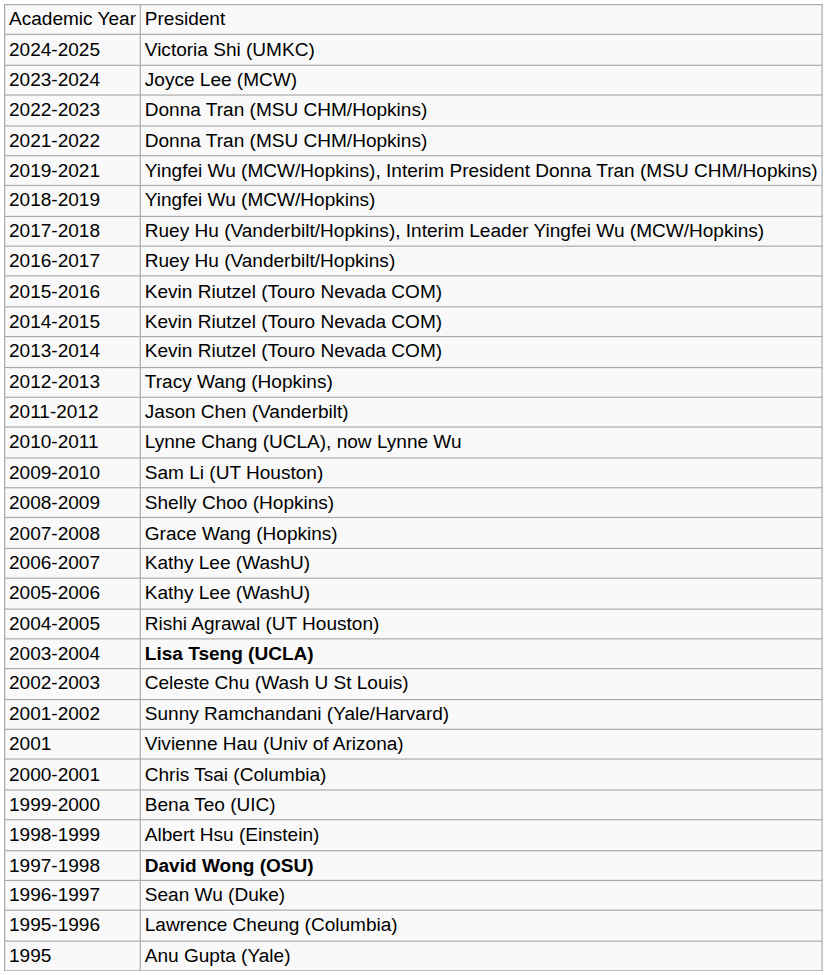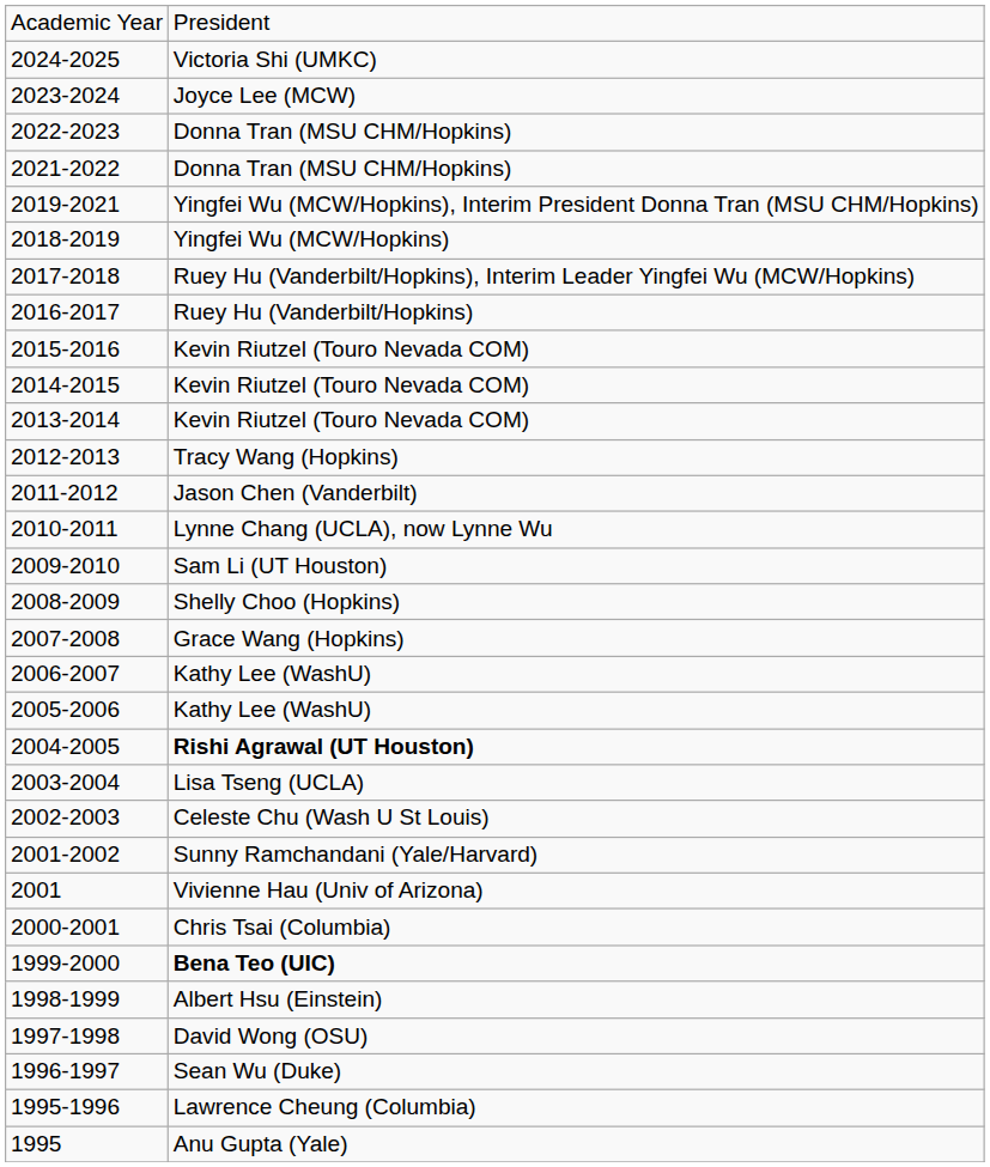 <table class="wikitable">
 <tr>
 <td>Academic Year</td>
 <td>President</td>
 </tr>
 <tr>
 <td>2024-2025</td>
 <td>Victoria Shi (UMKC)</td>
 </tr>
 <tr>
 <td>2023-2024</td>
 <td>Joyce Lee (MCW)</td>
 </tr>
 <tr>
 <td>2022-2023</td>
 <td>Donna Tran (MSU CHM/Hopkins)</td>
 </tr>
 <tr>
 <td>2021-2022</td>
 <td>Donna Tran (MSU CHM/Hopkins)</td>
 </tr>
 <tr>
 <td>2019-2021</td>
 <td>Yingfei Wu (MCW/Hopkins), Interim President Donna Tran (MSU CHM/Hopkins)</td>
 </tr>
 <tr>
 <td>2018-2019</td>
 <td>Yingfei Wu (MCW/Hopkins)</td>
 </tr>
 <tr>
 <td>2017-2018</td>
 <td>Ruey Hu (Vanderbilt/Hopkins), Interim Leader Yingfei Wu (MCW/Hopkins)</td>
 </tr>
 <tr>
 <td>2016-2017</td>
 <td>Ruey Hu (Vanderbilt/Hopkins)</td>
 </tr>
 <tr>
 <td>2015-2016</td>
 <td>Kevin Riutzel (Touro Nevada COM)</td>
 </tr>
 <tr>
 <td>2014-2015</td>
 <td>Kevin Riutzel (Touro Nevada COM)</td>
 </tr>
 <tr>
 <td>2013-2014</td>
 <td>Kevin Riutzel (Touro Nevada COM)</td>
 </tr>
 <tr>
 <td>2012-2013</td>
 <td>Tracy Wang (Hopkins)</td>
 </tr>
 <tr>
 <td>2011-2012</td>
 <td>Jason Chen (Vanderbilt)</td>
 </tr>
 <tr>
 <td>2010-2011</td>
 <td>Lynne Chang (UCLA), now Lynne Wu</td>
 </tr>
 <tr>
 <td>2009-2010</td>
 <td>Sam Li (UT Houston)</td>
 </tr>
 <tr>
 <td>2008-2009</td>
 <td>Shelly Choo (Hopkins)</td>
 </tr>
 <tr>
 <td>2007-2008</td>
 <td>Grace Wang (Hopkins)</td>
 </tr>
 <tr>
 <td>2006-2007</td>
 <td>Kathy Lee (WashU)</td>
 </tr>
 <tr>
 <td>2005-2006</td>
 <td>Kathy Lee (WashU)</td>
 </tr>
 <tr>
 <td>2004-2005</td>
-<td>Rishi Agrawal (UT Houston)</td>
+<td><strong>Rishi Agrawal (UT Houston)</strong></td>
 </tr>
 <tr>
 <td>2003-2004</td>
-<td><strong>Lisa Tseng (UCLA)</strong></td>
+<td>Lisa Tseng (UCLA)</td>
 </tr>
 <tr>
 <td>2002-2003</td>
 <td>Celeste Chu (Wash U St Louis)</td>
 </tr>
 <tr>
 <td>2001-2002</td>
 <td>Sunny Ramchandani (Yale/Harvard)</td>
 </tr>
 <tr>
 <td>2001</td>
 <td>Vivienne Hau (Univ of Arizona)</td>
 </tr>
 <tr>
 <td>2000-2001</td>
 <td>Chris Tsai (Columbia)</td>
 </tr>
 <tr>
 <td>1999-2000</td>
-<td>Bena Teo (UIC)</td>
+<td><strong>Bena Teo (UIC)</strong></td>
 </tr>
 <tr>
 <td>1998-1999</td>
 <td>Albert Hsu (Einstein)</td>
 </tr>
 <tr>
 <td>1997-1998</td>
-<td><strong>David Wong (OSU)</strong></td>
+<td>David Wong (OSU)</td>
 </tr>
 <tr>
 <td>1996-1997</td>
 <td>Sean Wu (Duke)</td>
 </tr>
 <tr>
 <td>1995-1996</td>
 <td>Lawrence Cheung (Columbia)</td>
 </tr>
 <tr>
 <td>1995</td>
 <td>Anu Gupta (Yale)</td>
 </tr>
 </table>
